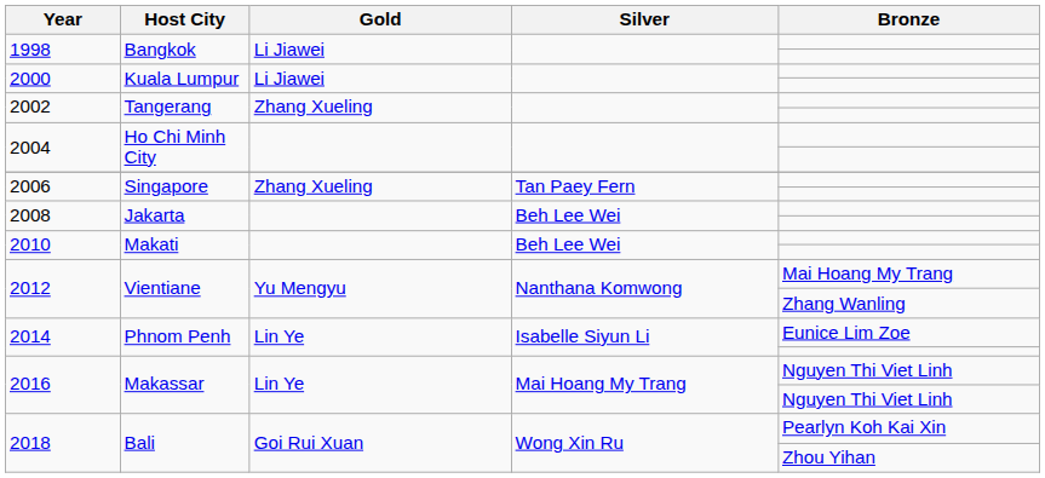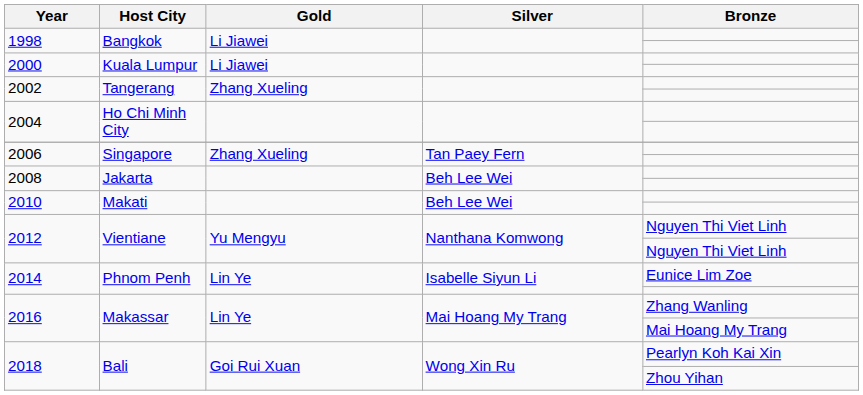 <table class="wikitable sortable" style="width:900px;">
 <tr>
 <th width="120">Year</th>
 <th width="120">Host City</th>
 <th width="300">Gold</th>
 <th width="300">Silver</th>
 <th width="300">Bronze</th>
 </tr>
 <tr>
 <td rowspan=2><a href='#'>1998</a></td>
 <td rowspan=2><a href='#'>Bangkok</a></td>
 <td rowspan=2> <a href='#'>Li Jiawei</a></td>
 <td rowspan=2></td>
 <td></td>
 </tr>
 <tr>
 <td></td>
 </tr>
 <tr>
 <td rowspan=2><a href='#'>2000</a></td>
 <td rowspan=2><a href='#'>Kuala Lumpur</a></td>
 <td rowspan=2> <a href='#'>Li Jiawei</a></td>
 <td rowspan=2></td>
 <td></td>
 </tr>
 <tr>
 <td></td>
 </tr>
 <tr>
 <td rowspan=2>2002</td>
 <td rowspan=2><a href='#'>Tangerang</a></td>
 <td rowspan=2> <a href='#'>Zhang Xueling</a></td>
 <td rowspan=2></td>
 <td></td>
 </tr>
 <tr>
 <td></td>
 </tr>
 <tr>
 <td rowspan=2>2004</td>
 <td rowspan=2><a href='#'>Ho Chi Minh City</a></td>
 <td rowspan=2></td>
 <td rowspan=2></td>
 <td></td>
 </tr>
 <tr>
 <td></td>
 </tr>
 <tr>
 </tr>
 <tr>
 <td rowspan=2>2006</td>
 <td rowspan=2><a href='#'>Singapore</a></td>
 <td rowspan=2> <a href='#'>Zhang Xueling</a></td>
 <td rowspan=2> <a href='#'>Tan Paey Fern</a></td>
 <td></td>
 </tr>
 <tr>
 <td></td>
 </tr>
 <tr>
 <td rowspan=2>2008</td>
 <td rowspan=2><a href='#'>Jakarta</a></td>
 <td rowspan=2></td>
 <td rowspan=2> <a href='#'>Beh Lee Wei</a></td>
 <td></td>
 </tr>
 <tr>
 <td></td>
 </tr>
 <tr>
 <td rowspan=2><a href='#'>2010</a></td>
 <td rowspan=2><a href='#'>Makati</a></td>
 <td rowspan=2></td>
 <td rowspan=2> <a href='#'>Beh Lee Wei</a></td>
 <td></td>
 </tr>
 <tr>
 <td></td>
 </tr>
 <tr>
 <td rowspan=2><a href='#'>2012</a></td>
 <td rowspan=2><a href='#'>Vientiane</a></td>
 <td rowspan=2> <a href='#'>Yu Mengyu</a></td>
 <td rowspan=2> <a href='#'>Nanthana Komwong</a></td>
-<td> <a href='#'>Mai Hoang My Trang</a></td>
+<td> <a href='#'>Nguyen Thi Viet Linh</a></td>
 </tr>
 <tr>
-<td> <a href='#'>Zhang Wanling</a></td>
+<td> <a href='#'>Nguyen Thi Viet Linh</a></td>
 </tr>
 <tr>
 <td rowspan=2><a href='#'>2014</a></td>
 <td rowspan=2><a href='#'>Phnom Penh</a></td>
 <td rowspan=2> <a href='#'>Lin Ye</a></td>
 <td rowspan=2> <a href='#'>Isabelle Siyun Li</a></td>
 <td> <a href='#'>Eunice Lim Zoe</a></td>
 </tr>
 <tr>
 <td></td>
 </tr>
 <tr>
 <td rowspan=2><a href='#'>2016</a></td>
 <td rowspan=2><a href='#'>Makassar</a></td>
 <td rowspan=2> <a href='#'>Lin Ye</a></td>
 <td rowspan=2> <a href='#'>Mai Hoang My Trang</a></td>
-<td> <a href='#'>Nguyen Thi Viet Linh</a></td>
+<td> <a href='#'>Zhang Wanling</a></td>
 </tr>
 <tr>
-<td> <a href='#'>Nguyen Thi Viet Linh</a></td>
+<td> <a href='#'>Mai Hoang My Trang</a></td>
 </tr>
 <tr>
 <td rowspan=2><a href='#'>2018</a></td>
 <td rowspan=2><a href='#'>Bali</a></td>
 <td rowspan=2> <a href='#'>Goi Rui Xuan</a></td>
 <td rowspan=2> <a href='#'>Wong Xin Ru</a></td>
 <td> <a href='#'>Pearlyn Koh Kai Xin</a></td>
 </tr>
 <tr>
 <td> <a href='#'>Zhou Yihan</a></td>
 </tr>
 </table>
